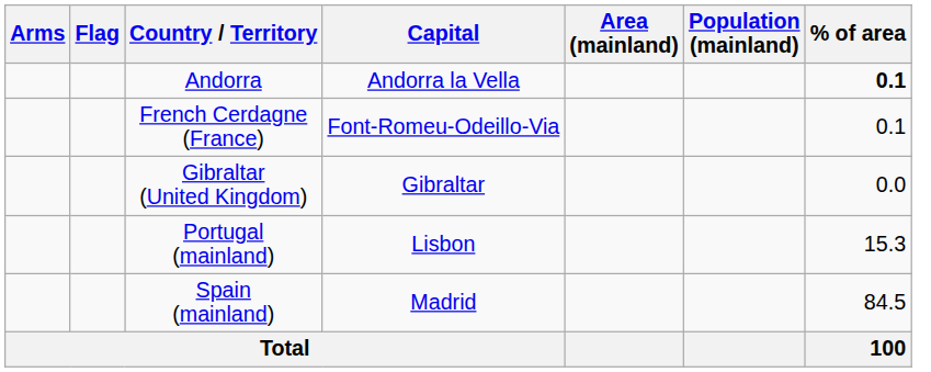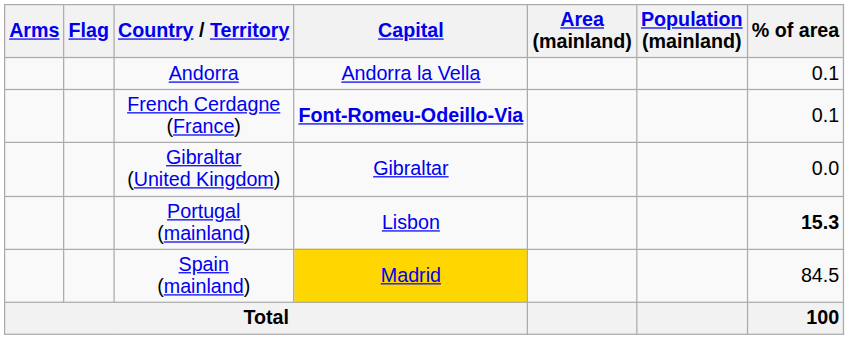 <table class="wikitable sortable" style="float:center; text-align:center; white-space:nowrap;">
 <tr>
 <th class="unsortable"><a href='#'>Arms</a></th>
 <th class="unsortable"><a href='#'>Flag</a></th>
 <th><a href='#'>Country</a> / <a href='#'>Territory</a></th>
 <th><a href='#'>Capital</a></th>
 <th><a href='#'>Area</a><br>(mainland)</th>
 <th><a href='#'>Population</a><br>(mainland)</th>
 <th>% of area</th>
 </tr>
 <tr>
 <td></td>
 <td></td>
 <td><a href='#'>Andorra</a></td>
 <td><a href='#'>Andorra la Vella</a></td>
 <td style="text-align:right;"></td>
 <td style="text-align:right;"></td>
-<td style="text-align:right;"><strong>0.1</strong></td>
+<td style="text-align:right;">0.1</td>
 </tr>
 <tr>
 <td></td>
 <td></td>
 <td><a href='#'>French Cerdagne</a><br>(<a href='#'>France</a>)</td>
-<td><a href='#'>Font-Romeu-Odeillo-Via</a></td>
+<td><strong><a href='#'>Font-Romeu-Odeillo-Via</a></strong></td>
 <td style="text-align:right;"></td>
 <td style="text-align:right;"></td>
 <td style="text-align:right;">0.1</td>
 </tr>
 <tr>
 <td></td>
 <td></td>
 <td><a href='#'>Gibraltar</a><br>(<a href='#'>United Kingdom</a>)</td>
 <td><a href='#'>Gibraltar</a></td>
 <td style="text-align:right;"></td>
 <td style="text-align:right;"></td>
 <td style="text-align:right;">0.0</td>
 </tr>
 <tr>
 <td></td>
 <td></td>
 <td><a href='#'>Portugal</a><br>(<a href='#'>mainland</a>)</td>
 <td><a href='#'>Lisbon</a></td>
 <td style="text-align:right;"></td>
 <td style="text-align:right;"></td>
-<td style="text-align:right;">15.3</td>
+<td style="text-align:right;"><strong>15.3</strong></td>
 </tr>
 <tr>
 <td></td>
 <td></td>
 <td><a href='#'>Spain</a><br>(<a href='#'>mainland</a>)</td>
-<td><a href='#'>Madrid</a></td>
+<td style="background: gold;"><a href='#'>Madrid</a></td>
 <td style="text-align:right;"></td>
 <td style="text-align:right;"></td>
 <td style="text-align:right;">84.5</td>
 </tr>
 <tr class="sortbottom">
 <th colspan="4">Total</th>
 <th style="text-align:right;"></th>
 <th style="text-align:right;"></th>
 <th style="text-align:right;">100</th>
 </tr>
 </table>
